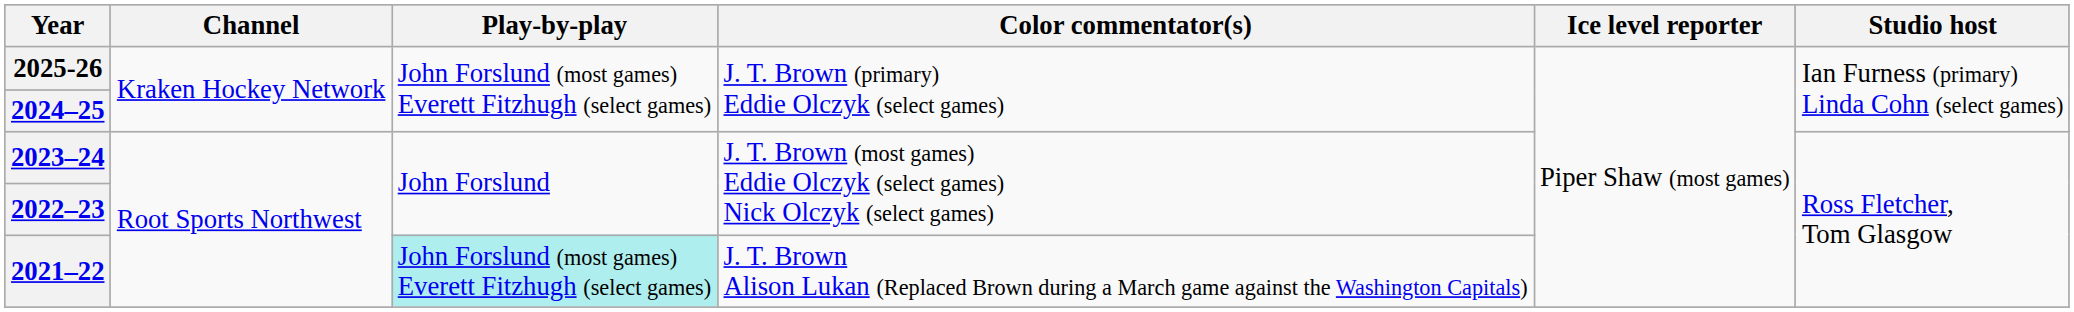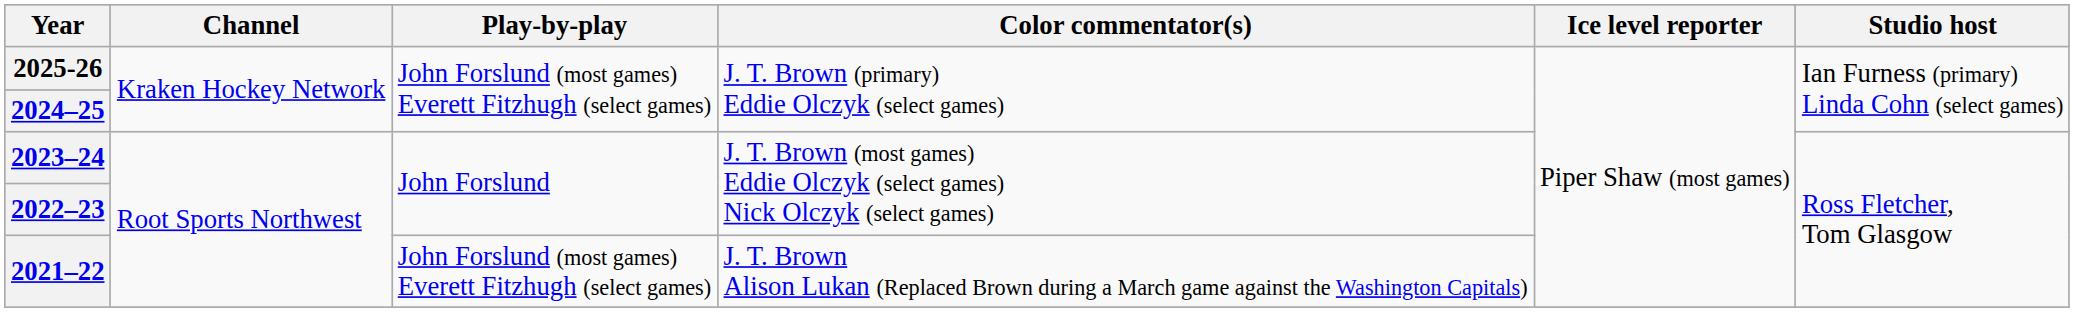 <table class="wikitable">
 <tr>
 <th scope=col>Year</th>
 <th scope=col>Channel</th>
 <th scope=col>Play-by-play</th>
 <th scope=col>Color commentator(s)</th>
 <th scope=col>Ice level reporter</th>
 <th scope=col>Studio host</th>
 </tr>
 <tr>
 <th scope=row>2025-26</th>
 <td rowspan=2><a href='#'>Kraken Hockey Network</a></td>
 <td rowspan=2><a href='#'>John Forslund</a> <small>(most games)</small><br><a href='#'>Everett Fitzhugh</a> <small>(select games)</small></td>
 <td rowspan=2><a href='#'>J. T. Brown</a> <small>(primary)</small><br><a href='#'>Eddie Olczyk</a> <small>(select games)</small></td>
 <td rowspan=5>Piper Shaw <small>(most games)</small></td>
 <td rowspan=2>Ian Furness <small>(primary)</small><br><a href='#'>Linda Cohn</a> <small>(select games)</small></td>
 </tr>
 <tr>
 <th scope=row><a href='#'>2024–25</a></th>
 </tr>
 <tr>
 <th scope=row><a href='#'>2023–24</a></th>
 <td rowspan=4><a href='#'>Root Sports Northwest</a><br></td>
 <td rowspan=2><a href='#'>John Forslund</a></td>
 <td rowspan=2><a href='#'>J. T. Brown</a> <small>(most games)</small><br><a href='#'>Eddie Olczyk</a> <small>(select games)</small><br><a href='#'>Nick Olczyk</a> <small>(select games)</small></td>
 <td rowspan=3><a href='#'>Ross Fletcher</a>, <br> Tom Glasgow</td>
 </tr>
 <tr>
 <th scope=row><a href='#'>2022–23</a></th>
 </tr>
 <tr>
 <th scope=row><a href='#'>2021–22</a></th>
-<td style="background: paleturquoise;"><a href='#'>John Forslund</a> <small>(most games)</small><br><a href='#'>Everett Fitzhugh</a> <small>(select games)</small></td>
+<td><a href='#'>John Forslund</a> <small>(most games)</small><br><a href='#'>Everett Fitzhugh</a> <small>(select games)</small></td>
 <td><a href='#'>J. T. Brown</a><br><a href='#'>Alison Lukan</a> <small>(Replaced Brown during a March game against the <a href='#'>Washington Capitals</a>)</small></td>
 </tr>
 </table>
